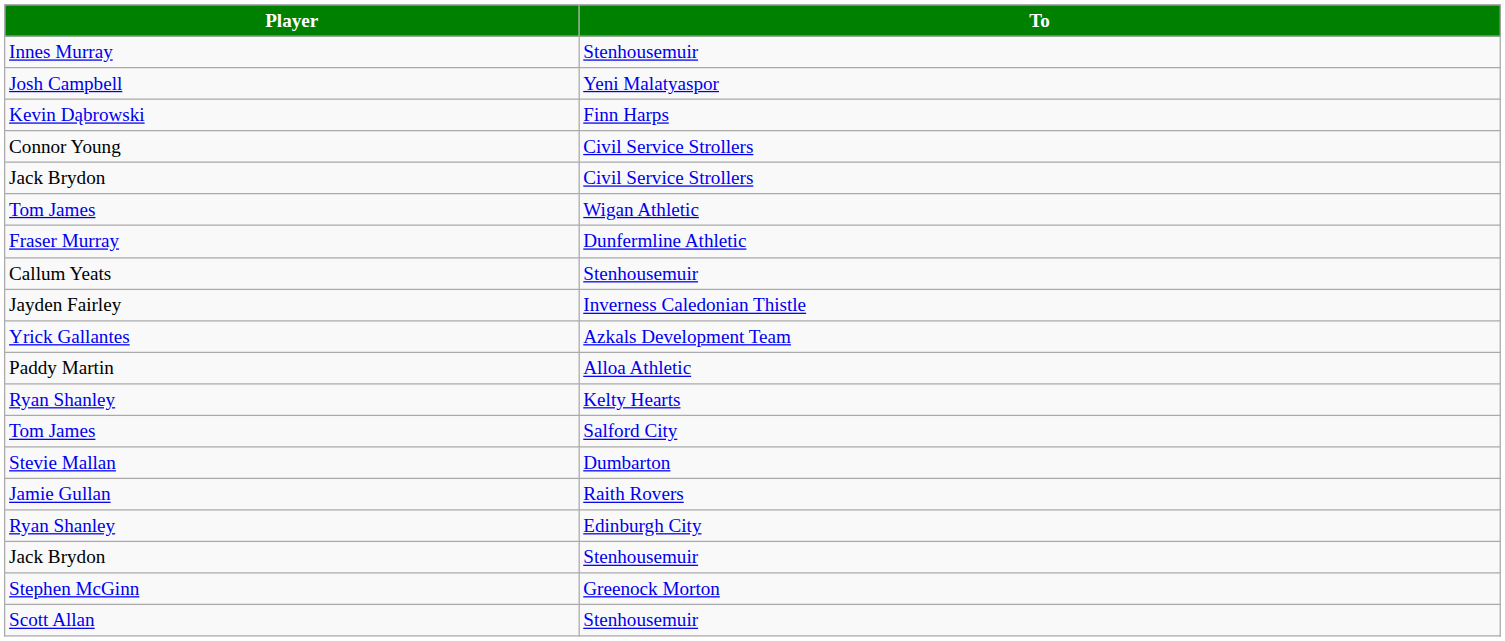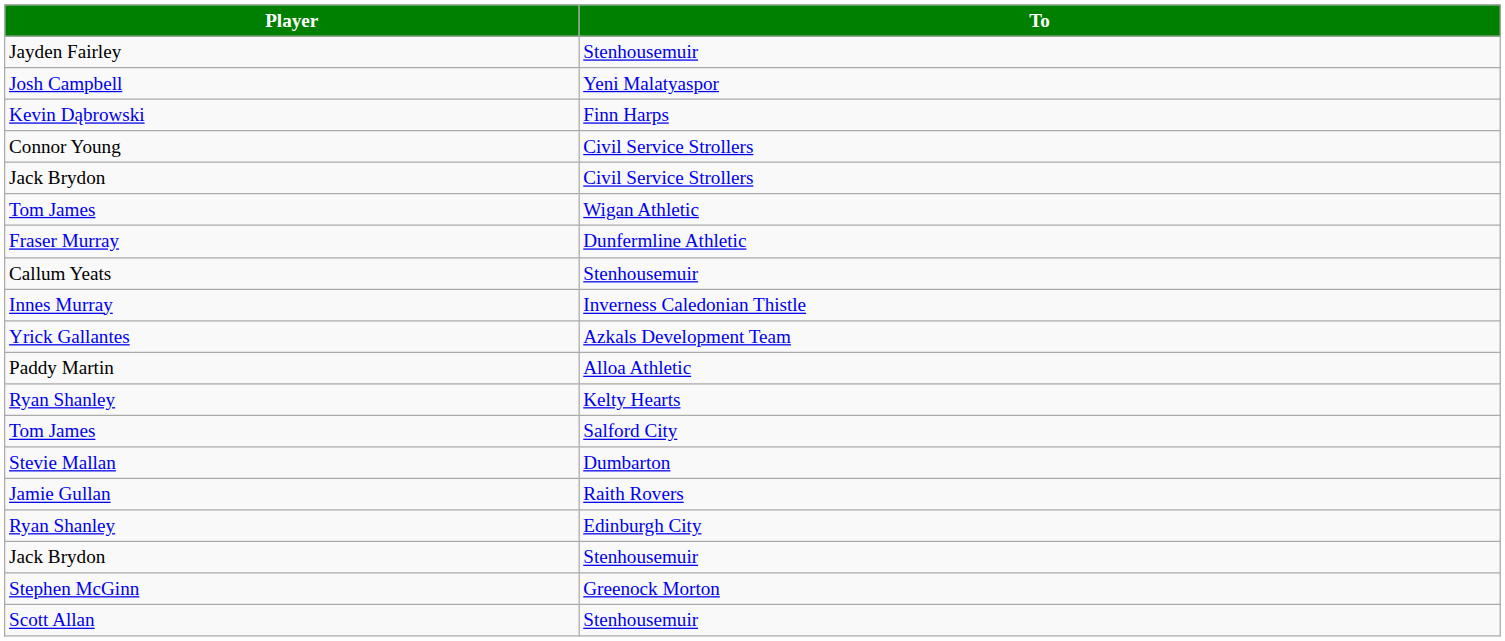 <table class="wikitable" style="text-align:center; font-size:95%;width:75%; text-align:left">
 <tr>
 <th style="background:#008000; color:white;">Player</th>
 <th style="background:#008000; color:white;">To</th>
 </tr>
 <tr>
-<td> <a href='#'>Innes Murray</a></td>
+<td> Jayden Fairley</td>
 <td> <a href='#'>Stenhousemuir</a></td>
 </tr>
 <tr>
 <td> <a href='#'>Josh Campbell</a></td>
 <td> <a href='#'>Yeni Malatyaspor</a></td>
 </tr>
 <tr>
 <td> <a href='#'>Kevin Dąbrowski</a></td>
 <td> <a href='#'>Finn Harps</a></td>
 </tr>
 <tr>
 <td> Connor Young</td>
 <td> <a href='#'>Civil Service Strollers</a></td>
 </tr>
 <tr>
 <td> Jack Brydon</td>
 <td> <a href='#'>Civil Service Strollers</a></td>
 </tr>
 <tr>
 <td> <a href='#'>Tom James</a></td>
 <td> <a href='#'>Wigan Athletic</a></td>
 </tr>
 <tr>
 <td> <a href='#'>Fraser Murray</a></td>
 <td> <a href='#'>Dunfermline Athletic</a></td>
 </tr>
 <tr>
 <td> Callum Yeats</td>
 <td> <a href='#'>Stenhousemuir</a></td>
 </tr>
 <tr>
-<td> Jayden Fairley</td>
+<td> <a href='#'>Innes Murray</a></td>
 <td> <a href='#'>Inverness Caledonian Thistle</a></td>
 </tr>
 <tr>
 <td> <a href='#'>Yrick Gallantes</a></td>
 <td> <a href='#'>Azkals Development Team</a></td>
 </tr>
 <tr>
 <td> Paddy Martin</td>
 <td> <a href='#'>Alloa Athletic</a></td>
 </tr>
 <tr>
 <td> <a href='#'>Ryan Shanley</a></td>
 <td> <a href='#'>Kelty Hearts</a></td>
 </tr>
 <tr>
 <td> <a href='#'>Tom James</a></td>
 <td> <a href='#'>Salford City</a></td>
 </tr>
 <tr>
 <td> <a href='#'>Stevie Mallan</a></td>
 <td> <a href='#'>Dumbarton</a></td>
 </tr>
 <tr>
 <td> <a href='#'>Jamie Gullan</a></td>
 <td> <a href='#'>Raith Rovers</a></td>
 </tr>
 <tr>
 <td> <a href='#'>Ryan Shanley</a></td>
 <td> <a href='#'>Edinburgh City</a></td>
 </tr>
 <tr>
 <td> Jack Brydon</td>
 <td> <a href='#'>Stenhousemuir</a></td>
 </tr>
 <tr>
 <td> <a href='#'>Stephen McGinn</a></td>
 <td> <a href='#'>Greenock Morton</a></td>
 </tr>
 <tr>
 <td> <a href='#'>Scott Allan</a></td>
 <td> <a href='#'>Stenhousemuir</a></td>
 </tr>
 </table>
